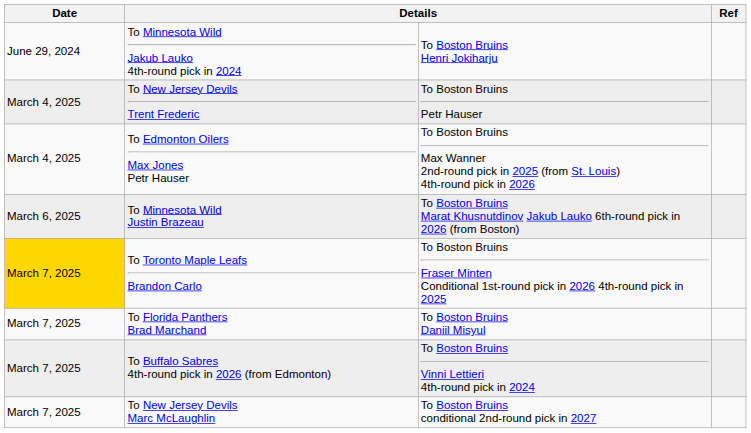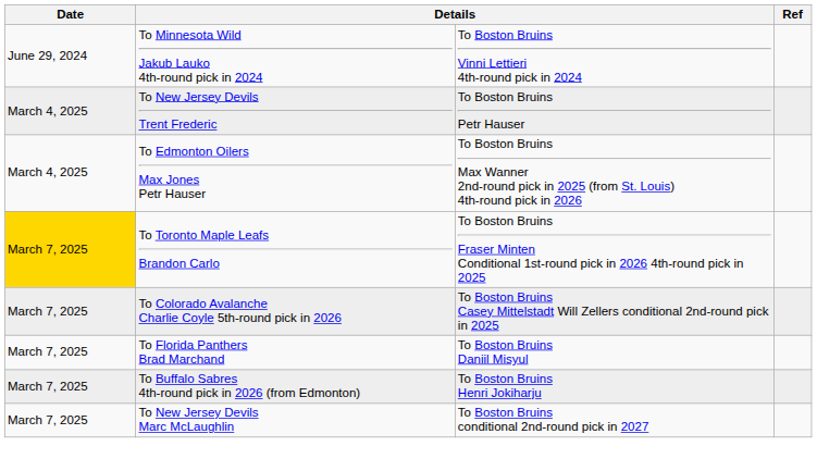 <table class="wikitable">
 <tr>
 <th style="width: 10em;">Date</th>
 <th colspan=2>Details</th>
 <th style="width: 2.5em;">Ref</th>
 </tr>
 <tr>
 <td>June 29, 2024</td>
 <td style="width: 25em;" valign="top">To <a href='#'>Minnesota Wild</a><hr><a href='#'>Jakub Lauko</a><br>4th-round pick in <a href='#'>2024</a></td>
-<td>To <a href='#'>Boston Bruins</a><br><a href='#'>Henri Jokiharju</a></td>
+<td style="width: 25em;" valign="top">To <a href='#'>Boston Bruins</a><hr><a href='#'>Vinni Lettieri</a><br>4th-round pick in <a href='#'>2024</a></td>
 <td></td>
 </tr>
 <tr bgcolor="eeeeee">
 <td>March 4, 2025</td>
 <td>To <a href='#'>New Jersey Devils</a><hr><a href='#'>Trent Frederic</a></td>
 <td>To Boston Bruins<hr>Petr Hauser</td>
 <td></td>
 </tr>
 <tr>
 <td>March 4, 2025</td>
 <td>To <a href='#'>Edmonton Oilers</a><hr><a href='#'>Max Jones</a><br>Petr Hauser</td>
 <td>To Boston Bruins<hr>Max Wanner<br>2nd-round pick in <a href='#'>2025</a> (from <a href='#'>St. Louis</a>)<br>4th-round pick in <a href='#'>2026</a></td>
 <td></td>
 </tr>
-<tr bgcolor="eeeeee">
-<td>March 6, 2025</td>
-<td>To <a href='#'>Minnesota Wild</a><br><a href='#'>Justin Brazeau</a></td>
-<td>To <a href='#'>Boston Bruins</a><br><a href='#'>Marat Khusnutdinov</a> <a href='#'>Jakub Lauko</a> 6th-round pick in <a href='#'>2026</a> (from Boston)</td>
-<td></td>
-</tr>
 <tr>
 <td style="background: gold;">March 7, 2025</td>
 <td>To <a href='#'>Toronto Maple Leafs</a><hr><a href='#'>Brandon Carlo</a></td>
 <td>To Boston Bruins<hr><a href='#'>Fraser Minten</a><br>Conditional 1st-round pick in <a href='#'>2026</a> 4th-round pick in <a href='#'>2025</a></td>
+<td></td>
+</tr>
+<tr bgcolor="eeeeee">
+<td>March 7, 2025</td>
+<td>To <a href='#'>Colorado Avalanche</a><br><a href='#'>Charlie Coyle</a> 5th-round pick in <a href='#'>2026</a></td>
+<td>To <a href='#'>Boston Bruins</a><br><a href='#'>Casey Mittelstadt</a> Will Zellers <span>conditional</span> 2nd-round pick in <a href='#'>2025</a></td>
 <td></td>
 </tr>
 <tr>
 <td>March 7, 2025</td>
 <td>To <a href='#'>Florida Panthers</a><br><a href='#'>Brad Marchand</a></td>
 <td>To <a href='#'>Boston Bruins</a><br><a href='#'>Daniil Misyul</a></td>
 <td></td>
 </tr>
 <tr bgcolor="eeeeee">
 <td>March 7, 2025</td>
 <td>To <a href='#'>Buffalo Sabres</a><br>4th-round pick in <a href='#'>2026</a> (from Edmonton)</td>
-<td style="width: 25em;" valign="top">To <a href='#'>Boston Bruins</a><hr><a href='#'>Vinni Lettieri</a><br>4th-round pick in <a href='#'>2024</a></td>
+<td>To <a href='#'>Boston Bruins</a><br><a href='#'>Henri Jokiharju</a></td>
 <td></td>
 </tr>
 <tr>
 <td>March 7, 2025</td>
 <td>To <a href='#'>New Jersey Devils</a><br><a href='#'>Marc McLaughlin</a></td>
 <td>To <a href='#'>Boston Bruins</a><br><span>conditional</span> 2nd-round pick in <a href='#'>2027</a></td>
 <td></td>
 </tr>
 </table>
